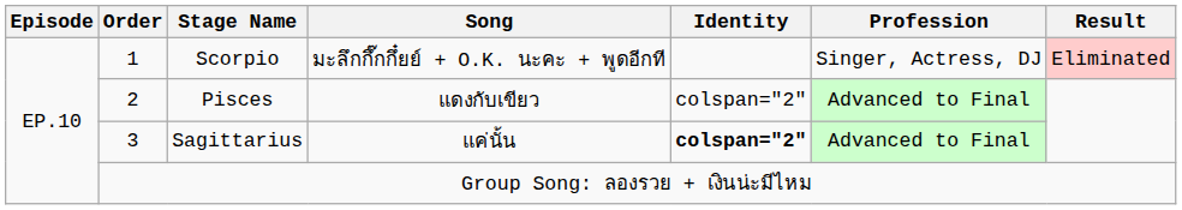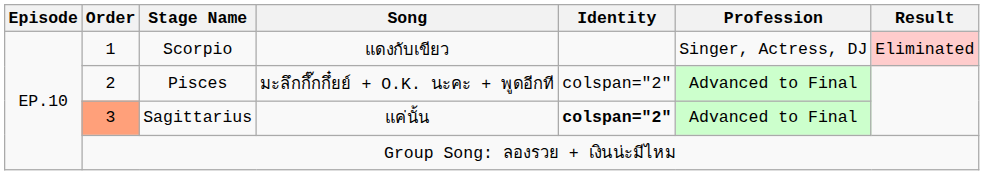 <table class="wikitable" style="text-align:center;">
 <tr>
 <th>Episode</th>
 <th>Order</th>
 <th>Stage Name</th>
 <th>Song</th>
 <th>Identity</th>
 <th>Profession</th>
 <th>Result</th>
 </tr>
 <tr>
 <td rowspan="4">EP.10</td>
 <td>1</td>
 <td>Scorpio</td>
-<td>มะลึกกึ๊กกึ๋ยย์ + O.K. นะคะ + พูดอีกที</td>
+<td>แดงกับเขียว</td>
 <td style="text-align:center;"></td>
 <td style="text-align:center;">Singer, Actress, DJ</td>
 <td style="text-align:center; background:#ffcccc;">Eliminated</td>
 </tr>
 <tr>
 <td>2</td>
 <td>Pisces</td>
-<td>แดงกับเขียว</td>
+<td>มะลึกกึ๊กกึ๋ยย์ + O.K. นะคะ + พูดอีกที</td>
 <td>colspan="2"  </td>
 <td style="text-align:center; background:#ccffcc;">Advanced to Final</td>
 </tr>
 <tr>
-<td>3</td>
+<td style="background: lightsalmon;">3</td>
 <td>Sagittarius</td>
 <td>แค่นั้น</td>
 <td><strong>colspan="2"  </strong></td>
 <td style="text-align:center; background:#ccffcc;">Advanced to Final</td>
 </tr>
 <tr>
 <td colspan="6">Group Song: ลองรวย + เงินน่ะมีไหม</td>
 </tr>
 </table>
